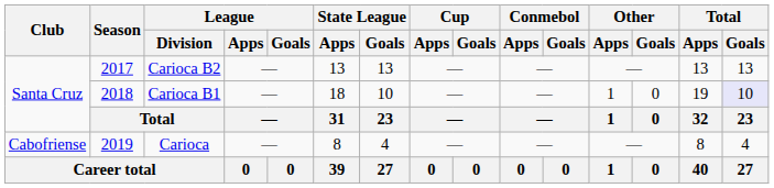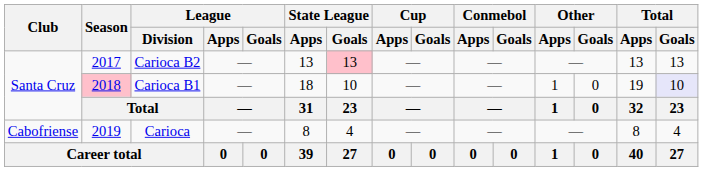 <table class="wikitable" style="text-align: center;">
 <tr>
 <th rowspan="2">Club</th>
 <th rowspan="2">Season</th>
 <th colspan="3">League</th>
 <th colspan="2">State League</th>
 <th colspan="2">Cup</th>
 <th colspan="2">Conmebol</th>
 <th colspan="2">Other</th>
 <th colspan="2">Total</th>
 </tr>
 <tr>
 <th>Division</th>
 <th>Apps</th>
 <th>Goals</th>
 <th>Apps</th>
 <th>Goals</th>
 <th>Apps</th>
 <th>Goals</th>
 <th>Apps</th>
 <th>Goals</th>
 <th>Apps</th>
 <th>Goals</th>
 <th>Apps</th>
 <th>Goals</th>
 </tr>
 <tr>
 <td rowspan="3" valign="center"><a href='#'>Santa Cruz</a></td>
 <td><a href='#'>2017</a></td>
 <td><a href='#'>Carioca B2</a></td>
 <td colspan="2">—</td>
 <td>13</td>
-<td>13</td>
+<td style="background: pink;">13</td>
 <td colspan="2">—</td>
 <td colspan="2">—</td>
 <td colspan="2">—</td>
 <td>13</td>
 <td>13</td>
 </tr>
 <tr>
-<td><a href='#'>2018</a></td>
+<td style="background: pink;"><a href='#'>2018</a></td>
 <td><a href='#'>Carioca B1</a></td>
 <td colspan="2">—</td>
 <td>18</td>
 <td>10</td>
 <td colspan="2">—</td>
 <td colspan="2">—</td>
 <td>1</td>
 <td>0</td>
 <td>19</td>
 <td style="background: lavender;">10</td>
 </tr>
 <tr>
 <th colspan="2">Total</th>
 <th colspan="2">—</th>
 <th>31</th>
 <th>23</th>
 <th colspan="2">—</th>
 <th colspan="2">—</th>
 <th>1</th>
 <th>0</th>
 <th>32</th>
 <th>23</th>
 </tr>
 <tr>
 <td valign="center"><a href='#'>Cabofriense</a></td>
 <td><a href='#'>2019</a></td>
 <td><a href='#'>Carioca</a></td>
 <td colspan="2">—</td>
 <td>8</td>
 <td>4</td>
 <td colspan="2">—</td>
 <td colspan="2">—</td>
 <td colspan="2">—</td>
 <td>8</td>
 <td>4</td>
 </tr>
 <tr>
 <th colspan="3"><strong>Career total</strong></th>
 <th>0</th>
 <th>0</th>
 <th>39</th>
 <th>27</th>
 <th>0</th>
 <th>0</th>
 <th>0</th>
 <th>0</th>
 <th>1</th>
 <th>0</th>
 <th>40</th>
 <th>27</th>
 </tr>
 </table>
